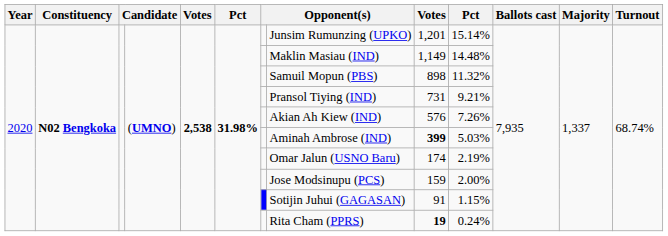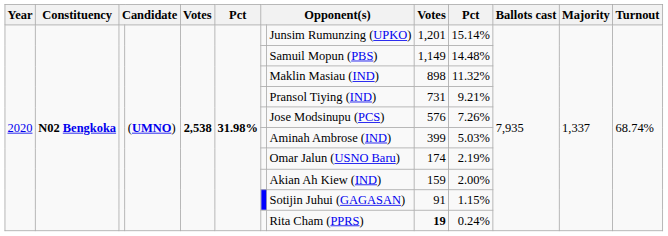 <table class="wikitable" style="margin:0.5em ; font-size:95%">
 <tr>
 <th>Year</th>
 <th>Constituency</th>
 <th colspan=2>Candidate</th>
 <th>Votes</th>
 <th>Pct</th>
 <th colspan=2>Opponent(s)</th>
 <th>Votes</th>
 <th>Pct</th>
 <th>Ballots cast</th>
 <th>Majority</th>
 <th>Turnout</th>
 </tr>
 <tr>
 <td rowspan=10><a href='#'>2020</a></td>
 <td rowspan=10><strong>N02 <a href='#'>Bengkoka</a></strong></td>
 <td rowspan=10 ></td>
 <td rowspan=10> (<a href='#'><strong>UMNO</strong></a>)</td>
 <td rowspan=10 align="right"><strong>2,538</strong></td>
 <td rowspan=10><strong>31.98%</strong></td>
 <td></td>
 <td>Junsim Rumunzing (<a href='#'>UPKO</a>)</td>
 <td align="right">1,201</td>
 <td>15.14%</td>
 <td rowspan=10>7,935</td>
 <td rowspan=10>1,337</td>
 <td rowspan=10>68.74%</td>
 </tr>
 <tr>
 <td></td>
-<td>Maklin Masiau (<a href='#'>IND</a>)</td>
+<td>Samuil Mopun (<a href='#'>PBS</a>)</td>
 <td align="right">1,149</td>
 <td>14.48%</td>
 </tr>
 <tr>
 <td></td>
-<td>Samuil Mopun (<a href='#'>PBS</a>)</td>
+<td>Maklin Masiau (<a href='#'>IND</a>)</td>
 <td align="right">898</td>
 <td align="right">11.32%</td>
 </tr>
 <tr>
 <td></td>
 <td>Pransol Tiying (<a href='#'>IND</a>)</td>
 <td align="right">731</td>
 <td align="right">9.21%</td>
 </tr>
 <tr>
 <td></td>
-<td>Akian Ah Kiew (<a href='#'>IND</a>)</td>
+<td>Jose Modsinupu (<a href='#'>PCS</a>)</td>
 <td align="right">576</td>
 <td align="right">7.26%</td>
 </tr>
 <tr>
 <td></td>
 <td>Aminah Ambrose (<a href='#'>IND</a>)</td>
-<td align="right"><strong>399</strong></td>
+<td align="right">399</td>
 <td align="right">5.03%</td>
 </tr>
 <tr>
 <td bgcolor=></td>
 <td>Omar Jalun (<a href='#'>USNO Baru</a>)</td>
 <td align="right">174</td>
 <td align="right">2.19%</td>
 </tr>
 <tr>
 <td></td>
-<td>Jose Modsinupu (<a href='#'>PCS</a>)</td>
+<td>Akian Ah Kiew (<a href='#'>IND</a>)</td>
 <td align="right">159</td>
 <td align="right">2.00%</td>
 </tr>
 <tr>
 <td bgcolor=blue></td>
 <td>Sotijin Juhui (<a href='#'>GAGASAN</a>)</td>
 <td align="right">91</td>
 <td align="right">1.15%</td>
 </tr>
 <tr>
 <td></td>
 <td>Rita Cham (<a href='#'>PPRS</a>)</td>
 <td align="right"><strong>19</strong></td>
 <td align="right">0.24%</td>
 </tr>
 </table>
